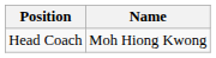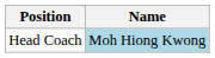 <table class="wikitable">
 <tr>
 <th>Position</th>
 <th>Name</th>
 </tr>
 <tr>
 <td>Head Coach</td>
-<td> Moh Hiong Kwong</td>
+<td style="background: lightblue;"> Moh Hiong Kwong</td>
 </tr>
 </table>
